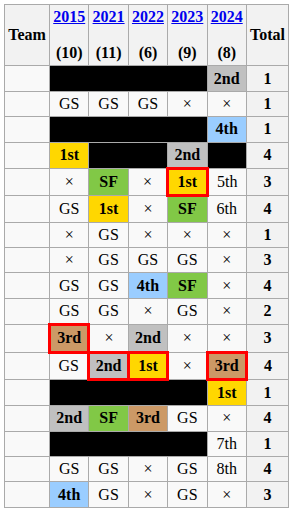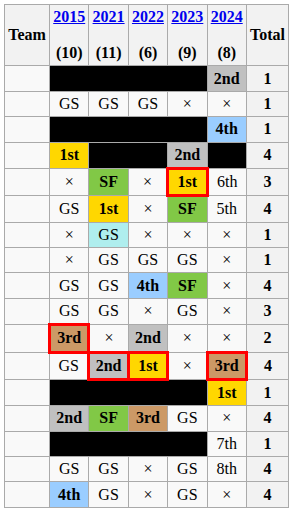 <table class="wikitable" style="text-align:center">
 <tr>
 <th>Team</th>
 <th><a href='#'>2015</a><br> <br> (10)</th>
 <th><a href='#'>2021</a><br> <br> (11)</th>
 <th><a href='#'>2022</a><br> <br> (6)</th>
 <th><a href='#'>2023</a><br> <br> (9)</th>
 <th><a href='#'>2024</a><br> <br> (8)</th>
 <th>Total</th>
 </tr>
 <tr>
 <td align=left></td>
 <td colspan="4"; bgcolor= black></td>
 <td bgcolor=Silver><strong>2nd</strong></td>
 <th>1</th>
 </tr>
 <tr>
 <td align=left></td>
 <td>GS</td>
 <td>GS</td>
 <td>GS</td>
 <td>×</td>
 <td>×</td>
 <th>1</th>
 </tr>
 <tr>
 <td align=left></td>
 <td colspan="4"; bgcolor= black></td>
 <td bgcolor=#9acdff><strong>4th</strong></td>
 <th>1</th>
 </tr>
 <tr>
 <td align=left></td>
 <td bgcolor=Gold><strong>1st</strong></td>
 <td colspan="2"; bgcolor= Black></td>
 <td bgcolor=Silver><strong>2nd</strong></td>
 <td bgcolor= Black></td>
 <th>4</th>
 </tr>
 <tr>
 <td align=left></td>
 <td>×</td>
 <td bgcolor=#81c846><strong>SF</strong></td>
 <td>×</td>
 <td style="border:3px solid red; background-color:Gold;"><strong>1st</strong></td>
-<td>5th</td>
+<td>6th</td>
 <th>3</th>
 </tr>
 <tr>
 <td align=left></td>
 <td>GS</td>
 <td bgcolor=Gold><strong>1st</strong></td>
 <td>×</td>
 <td bgcolor=#81c846><strong>SF</strong></td>
-<td>6th</td>
+<td>5th</td>
 <th>4</th>
 </tr>
 <tr>
 <td align=left></td>
 <td>×</td>
-<td>GS</td>
+<td style="background: paleturquoise;">GS</td>
 <td>×</td>
 <td>×</td>
 <td>×</td>
 <th>1</th>
 </tr>
 <tr>
 <td align=left></td>
 <td>×</td>
 <td>GS</td>
 <td>GS</td>
 <td>GS</td>
 <td>×</td>
-<th>3</th>
+<th>1</th>
 </tr>
 <tr>
 <td align=left></td>
 <td>GS</td>
 <td>GS</td>
 <td bgcolor=#9acdff><strong>4th</strong></td>
 <td bgcolor=#81c846><strong>SF</strong></td>
 <td>×</td>
 <th>4</th>
 </tr>
 <tr>
 <td align=left></td>
 <td>GS</td>
 <td>GS</td>
 <td>×</td>
 <td>GS</td>
 <td>×</td>
-<th>2</th>
+<th>3</th>
 </tr>
 <tr>
 <td align=left></td>
 <td style="border:3px solid red; background-color:#cc9966;"><strong>3rd</strong></td>
 <td>×</td>
 <td bgcolor=Silver><strong>2nd</strong></td>
 <td>×</td>
 <td>×</td>
-<th>3</th>
+<th>2</th>
 </tr>
 <tr>
 <td align=left></td>
 <td>GS</td>
 <td style="border:3px solid red; background-color:Silver;"><strong>2nd</strong></td>
 <td style="border:3px solid red; background-color:Gold;"><strong>1st</strong></td>
 <td>×</td>
 <td style="border:3px solid red; background-color:#cc9966;"><strong>3rd</strong></td>
 <th>4</th>
 </tr>
 <tr>
 <td align=left></td>
 <td colspan="4"; bgcolor= Black></td>
 <td bgcolor=Gold><strong>1st</strong></td>
 <th>1</th>
 </tr>
 <tr>
 <td align=left></td>
 <td bgcolor=Silver><strong>2nd</strong></td>
 <td bgcolor=#81c846><strong>SF</strong></td>
 <td bgcolor=#cc9966><strong>3rd</strong></td>
 <td>GS</td>
 <td>×</td>
 <th>4</th>
 </tr>
 <tr>
 <td align=left></td>
 <td colspan="4"; bgcolor= Black></td>
 <td>7th</td>
 <th>1</th>
 </tr>
 <tr>
 <td align=left></td>
 <td>GS</td>
 <td>GS</td>
 <td>×</td>
 <td>GS</td>
 <td>8th</td>
 <th>4</th>
 </tr>
 <tr>
 <td align=left></td>
 <td bgcolor=#9acdff><strong>4th</strong></td>
 <td>GS</td>
 <td>×</td>
 <td>GS</td>
 <td>×</td>
-<th>3</th>
+<th>4</th>
 </tr>
 </table>
